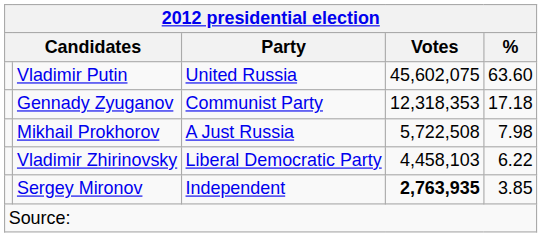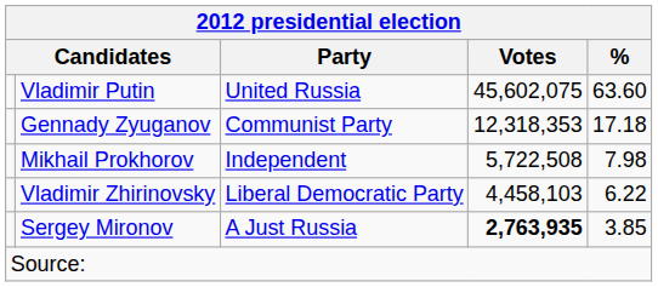 <table class=wikitable style=text-align:right>
 <tr>
 <th colspan=5><a href='#'>2012 presidential election</a></th>
 </tr>
 <tr>
 <th colspan=2>Candidates</th>
 <th>Party</th>
 <th>Votes</th>
 <th>%</th>
 </tr>
 <tr>
 <td style="background-color: "></td>
 <td style="text-align:left;"><a href='#'>Vladimir Putin</a></td>
 <td style="text-align:left;"><a href='#'>United Russia</a></td>
 <td>45,602,075</td>
 <td>63.60</td>
 </tr>
 <tr>
 <td style="background-color: "></td>
 <td style="text-align:left;"><a href='#'>Gennady Zyuganov</a></td>
 <td style="text-align:left;"><a href='#'>Communist Party</a></td>
 <td>12,318,353</td>
 <td>17.18</td>
 </tr>
 <tr>
 <td style="background-color: "></td>
 <td style="text-align:left;"><a href='#'>Mikhail Prokhorov</a></td>
-<td style="text-align:left;"><a href='#'>A Just Russia</a></td>
+<td style="text-align:left;"><a href='#'>Independent</a></td>
 <td>5,722,508</td>
 <td>7.98</td>
 </tr>
 <tr>
 <td style="background-color: "></td>
 <td style="text-align:left;"><a href='#'>Vladimir Zhirinovsky</a></td>
 <td style="text-align:left;"><a href='#'>Liberal Democratic Party</a></td>
 <td>4,458,103</td>
 <td>6.22</td>
 </tr>
 <tr>
 <td style="background-color: "></td>
 <td style="text-align:left;"><a href='#'>Sergey Mironov</a></td>
-<td style="text-align:left;"><a href='#'>Independent</a></td>
+<td style="text-align:left;"><a href='#'>A Just Russia</a></td>
 <td><strong>2,763,935</strong></td>
 <td>3.85</td>
 </tr>
 <tr>
 <td style="text-align:left;" colspan=5>Source:</td>
 </tr>
 </table>
